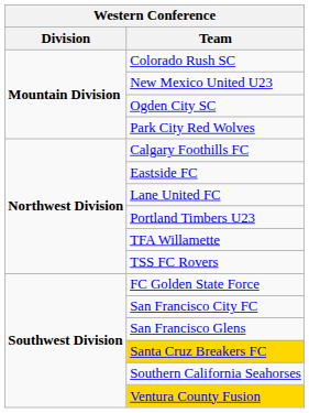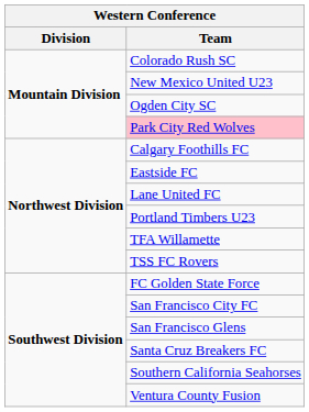 <table class="wikitable" style="text-align:left">
 <tr>
 <th colspan=2>Western Conference</th>
 </tr>
 <tr>
 <th>Division</th>
 <th>Team</th>
 </tr>
 <tr>
 <td rowspan=4><strong>Mountain Division</strong></td>
 <td><a href='#'>Colorado Rush SC</a></td>
 </tr>
 <tr>
 <td><a href='#'>New Mexico United U23</a></td>
 </tr>
 <tr>
 <td><a href='#'>Ogden City SC</a></td>
 </tr>
 <tr>
-<td><a href='#'>Park City Red Wolves</a></td>
+<td style="background: pink;"><a href='#'>Park City Red Wolves</a></td>
 </tr>
 <tr>
 <td rowspan=6><strong>Northwest Division</strong></td>
 <td><a href='#'>Calgary Foothills FC</a></td>
 </tr>
 <tr>
 <td><a href='#'>Eastside FC</a></td>
 </tr>
 <tr>
 <td><a href='#'>Lane United FC</a></td>
 </tr>
 <tr>
 <td><a href='#'>Portland Timbers U23</a></td>
 </tr>
 <tr>
 <td><a href='#'>TFA Willamette</a></td>
 </tr>
 <tr>
 <td><a href='#'>TSS FC Rovers</a></td>
 </tr>
 <tr>
 <td rowspan=6><strong>Southwest Division</strong></td>
 <td><a href='#'>FC Golden State Force</a></td>
 </tr>
 <tr>
 <td><a href='#'>San Francisco City FC</a></td>
 </tr>
 <tr>
 <td><a href='#'>San Francisco Glens</a></td>
 </tr>
 <tr>
-<td style="background: gold;"><a href='#'>Santa Cruz Breakers FC</a></td>
+<td><a href='#'>Santa Cruz Breakers FC</a></td>
 </tr>
 <tr>
 <td><a href='#'>Southern California Seahorses</a></td>
 </tr>
 <tr>
-<td style="background: gold;"><a href='#'>Ventura County Fusion</a></td>
+<td><a href='#'>Ventura County Fusion</a></td>
 </tr>
 </table>
